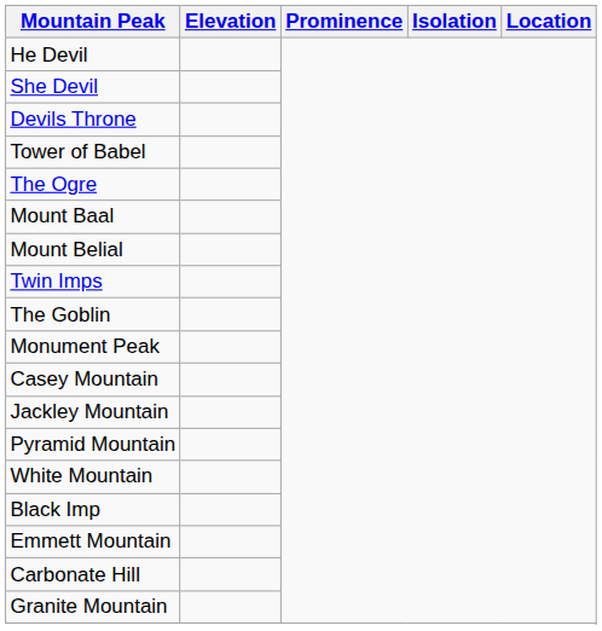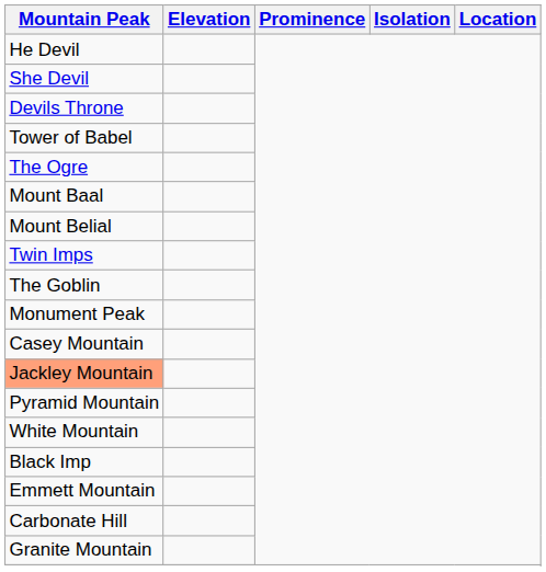 <table class="wikitable sortable">
 <tr>
 <th><a href='#'>Mountain Peak</a></th>
 <th><a href='#'>Elevation</a></th>
 <th><a href='#'>Prominence</a></th>
 <th><a href='#'>Isolation</a></th>
 <th><a href='#'>Location</a></th>
 </tr>
 <tr>
 <td>He Devil<br></td>
 <td></td>
 </tr>
 <tr>
 <td><a href='#'>She Devil</a><br></td>
 <td></td>
 </tr>
 <tr>
 <td><a href='#'>Devils Throne</a><br></td>
 <td></td>
 </tr>
 <tr>
 <td>Tower of Babel<br></td>
 <td></td>
 </tr>
 <tr>
 <td><a href='#'>The Ogre</a><br></td>
 <td></td>
 </tr>
 <tr>
 <td>Mount Baal<br></td>
 <td></td>
 </tr>
 <tr>
 <td>Mount Belial<br></td>
 <td></td>
 </tr>
 <tr>
 <td><a href='#'>Twin Imps</a><br></td>
 <td></td>
 </tr>
 <tr>
 <td>The Goblin<br></td>
 <td></td>
 </tr>
 <tr>
 <td>Monument Peak<br></td>
 <td></td>
 </tr>
 <tr>
 <td>Casey Mountain<br></td>
 <td></td>
 </tr>
 <tr>
-<td>Jackley Mountain<br></td>
+<td style="background: lightsalmon;">Jackley Mountain<br></td>
 <td></td>
 </tr>
 <tr>
 <td>Pyramid Mountain<br></td>
 <td></td>
 </tr>
 <tr>
 <td>White Mountain<br></td>
 <td></td>
 </tr>
 <tr>
 <td>Black Imp<br></td>
 <td></td>
 </tr>
 <tr>
 <td>Emmett Mountain<br></td>
 <td></td>
 </tr>
 <tr>
 <td>Carbonate Hill<br></td>
 <td></td>
 </tr>
 <tr>
 <td>Granite Mountain<br></td>
 <td></td>
 </tr>
 <tr>
 </tr>
 </table>
